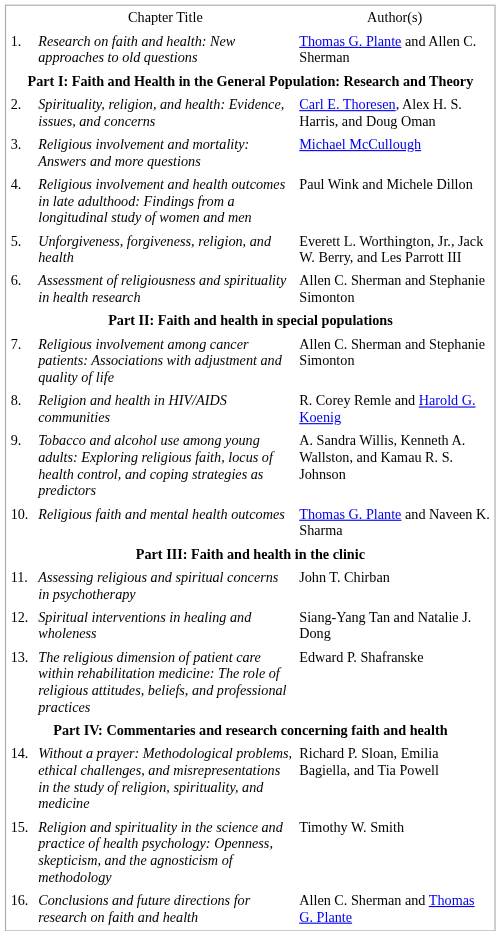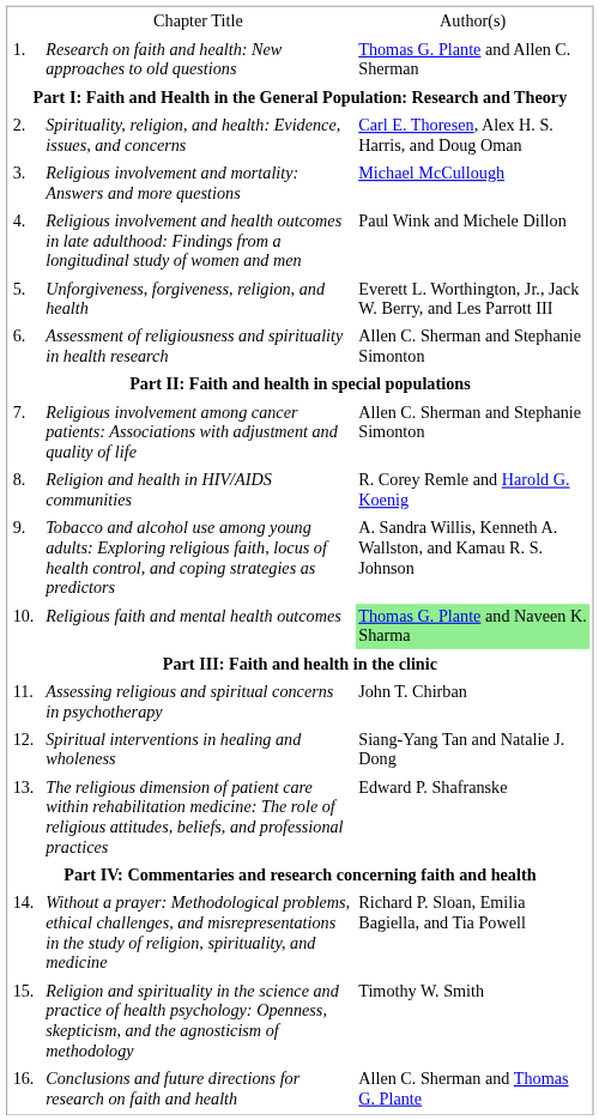 <table width="50%" style="float: right; border: 1px solid darkgray; margin: .46em; font-size: 80%;" border="0" cellspacing="2" cellpadding="2">
 <tr valign="top">
 <td width="10"></td>
 <td width="200" align="center">Chapter Title</td>
 <td width="150" align="center">Author(s)</td>
 </tr>
 <tr valign="top">
 <td>1.</td>
 <td><em>Research on faith and health: New approaches to old questions</em></td>
 <td><a href='#'>Thomas G. Plante</a> and Allen C. Sherman</td>
 </tr>
 <tr valign="top">
 <td colspan="3" align="center"><strong>Part I: Faith and Health in the General Population: Research and Theory</strong></td>
 </tr>
 <tr valign="top">
 <td>2.</td>
 <td><em>Spirituality, religion, and health: Evidence, issues, and concerns</em></td>
 <td><a href='#'>Carl E. Thoresen</a>, Alex H. S. Harris, and Doug Oman</td>
 </tr>
 <tr valign="top">
 <td>3.</td>
 <td><em>Religious involvement and mortality: Answers and more questions</em></td>
 <td><a href='#'>Michael McCullough</a></td>
 </tr>
 <tr valign="top">
 <td>4.</td>
 <td><em>Religious involvement and health outcomes in late adulthood: Findings from a longitudinal study of women and men</em></td>
 <td>Paul Wink and Michele Dillon</td>
 </tr>
 <tr valign="top">
 <td>5.</td>
 <td><em>Unforgiveness, forgiveness, religion, and health</em></td>
 <td>Everett L. Worthington, Jr., Jack W. Berry, and Les Parrott III</td>
 </tr>
 <tr valign="top">
 <td>6.</td>
 <td><em>Assessment of religiousness and spirituality in health research</em></td>
 <td>Allen C. Sherman and Stephanie Simonton</td>
 </tr>
 <tr valign="top">
 <td colspan="3" align="center"><strong>Part II: Faith and health in special populations</strong></td>
 </tr>
 <tr valign="top">
 <td>7.</td>
 <td><em>Religious involvement among cancer patients: Associations with adjustment and quality of life</em></td>
 <td>Allen C. Sherman and Stephanie Simonton</td>
 </tr>
 <tr valign="top">
 <td>8.</td>
 <td><em>Religion and health in HIV/AIDS communities</em></td>
 <td>R. Corey Remle and <a href='#'>Harold G. Koenig</a></td>
 </tr>
 <tr valign="top">
 <td>9.</td>
 <td><em>Tobacco and alcohol use among young adults: Exploring religious faith, locus of health control, and coping strategies as predictors</em></td>
 <td>A. Sandra Willis, Kenneth A. Wallston, and Kamau R. S. Johnson</td>
 </tr>
 <tr valign="top">
 <td>10.</td>
 <td><em>Religious faith and mental health outcomes</em></td>
-<td><a href='#'>Thomas G. Plante</a> and Naveen K. Sharma</td>
+<td style="background: lightgreen;"><a href='#'>Thomas G. Plante</a> and Naveen K. Sharma</td>
 </tr>
 <tr valign="top">
 <td colspan="3" align="center"><strong>Part III: Faith and health in the clinic</strong></td>
 </tr>
 <tr valign="top">
 <td>11.</td>
 <td><em>Assessing religious and spiritual concerns in psychotherapy</em></td>
 <td>John T. Chirban</td>
 </tr>
 <tr valign="top">
 <td>12.</td>
 <td><em>Spiritual interventions in healing and wholeness</em></td>
 <td>Siang-Yang Tan and Natalie J. Dong</td>
 </tr>
 <tr valign="top">
 <td>13.</td>
 <td><em>The religious dimension of patient care within rehabilitation medicine: The role of religious attitudes, beliefs, and professional practices</em></td>
 <td>Edward P. Shafranske</td>
 </tr>
 <tr valign="top">
 <td colspan="3" align="center"><strong>Part IV: Commentaries and research concerning faith and health</strong></td>
 </tr>
 <tr valign="top">
 <td>14.</td>
 <td><em>Without a prayer: Methodological problems, ethical challenges, and misrepresentations in the study of religion, spirituality, and medicine</em></td>
 <td>Richard P. Sloan, Emilia Bagiella, and Tia Powell</td>
 </tr>
 <tr valign="top">
 <td>15.</td>
 <td><em>Religion and spirituality in the science and practice of health psychology: Openness, skepticism, and the agnosticism of methodology</em></td>
 <td>Timothy W. Smith</td>
 </tr>
 <tr valign="top">
 <td>16.</td>
 <td><em>Conclusions and future directions for research on faith and health</em></td>
 <td>Allen C. Sherman and <a href='#'>Thomas G. Plante</a></td>
 </tr>
 </table>
